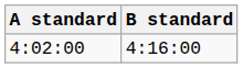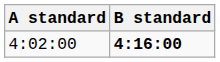 <table class="wikitable" border="1" align="upright">
 <tr>
 <th>A standard</th>
 <th>B standard</th>
 </tr>
 <tr>
 <td>4:02:00</td>
-<td>4:16:00</td>
+<td><strong>4:16:00</strong></td>
 </tr>
 </table>
